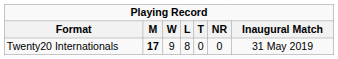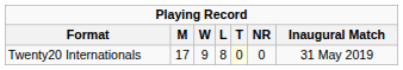 <table class="wikitable" style="text-align: center; width: 500px;">
 <tr>
 <td colspan=7 align="center"><strong>Playing Record</strong></td>
 </tr>
 <tr>
 <th>Format</th>
 <th>M</th>
 <th>W</th>
 <th>L</th>
 <th>T</th>
 <th>NR</th>
 <th>Inaugural Match</th>
 </tr>
 <tr>
 <td align="left">Twenty20 Internationals</td>
-<td><strong>17</strong></td>
+<td>17</td>
 <td>9</td>
 <td>8</td>
-<td>0</td>
+<td style="background: lightyellow;">0</td>
 <td>0</td>
 <td>31 May 2019</td>
 </tr>
 </table>
